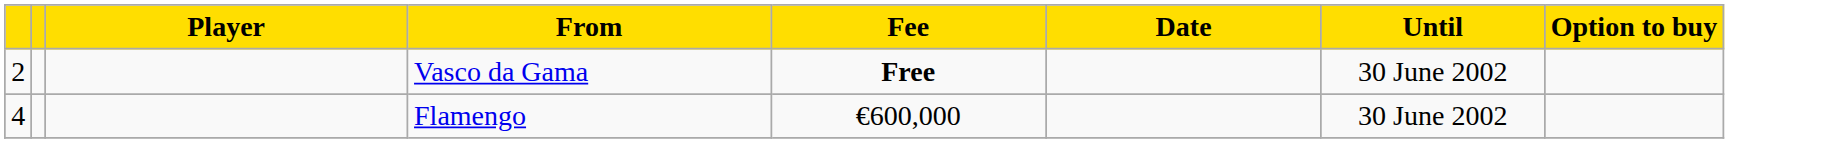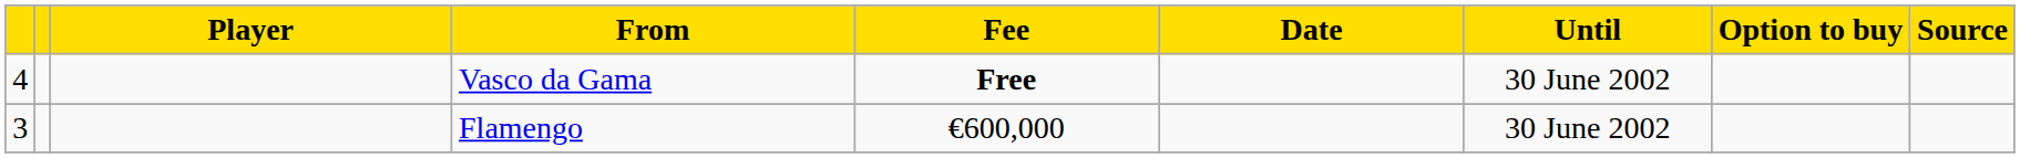 <table class="wikitable sortable">
 <tr>
 <th style="background:#FFDE00"></th>
 <th style="background:#FFDE00"></th>
 <th width=200 style="background:#FFDE00">Player</th>
 <th width=200 style="background:#FFDE00">From</th>
 <th width=150 style="background:#FFDE00">Fee</th>
 <th width=150 style="background:#FFDE00">Date</th>
 <th width=120 style="background:#FFDE00">Until</th>
 <th style="background:#FFDE00">Option to buy</th>
+<th style="background:#FFDE00">Source</th>
 </tr>
 <tr>
-<td align=center>2</td>
+<td align=center>4</td>
 <td align=center></td>
 <td></td>
 <td> <a href='#'>Vasco da Gama</a></td>
 <td align=center><strong>Free</strong></td>
 <td align=center></td>
 <td align=center>30 June 2002</td>
 <td align=center></td>
+<td align=center></td>
 </tr>
 <tr>
-<td align=center>4</td>
+<td align=center>3</td>
 <td align=center></td>
 <td></td>
 <td> <a href='#'>Flamengo</a></td>
 <td align=center>€600,000</td>
 <td align=center></td>
 <td align=center>30 June 2002</td>
 <td align=center></td>
+<td align=center></td>
 </tr>
 </table>
